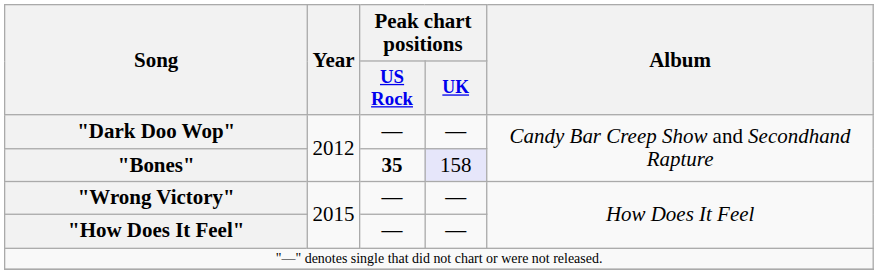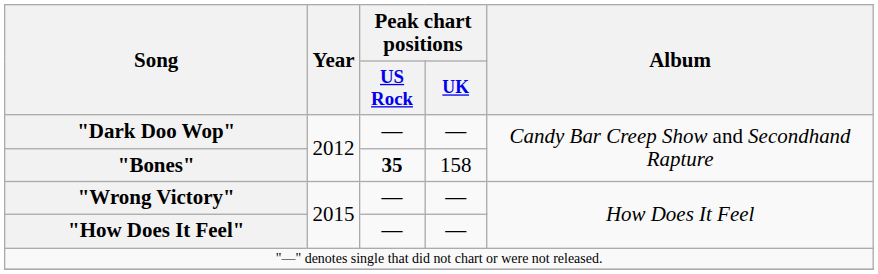 <table class="wikitable plainrowheaders" style="text-align:center;">
 <tr>
 <th scope="col" rowspan="2" style="width:14em;">Song</th>
 <th scope="col" rowspan="2">Year</th>
 <th scope="col" colspan="2">Peak chart positions</th>
 <th scope="col" rowspan="2" style="width:18em;">Album</th>
 </tr>
 <tr>
 <th scope="col" style="width:3em;font-size:90%;"><a href='#'>US Rock</a><br></th>
 <th scope="col" style="width:3em;font-size:85%;"><a href='#'>UK</a><br></th>
 </tr>
 <tr>
 <th scope="row">"Dark Doo Wop"</th>
 <td rowspan="2">2012</td>
 <td>—</td>
 <td>—</td>
 <td rowspan="2"><em>Candy Bar Creep Show</em> and <em>Secondhand Rapture</em></td>
 </tr>
 <tr>
 <th scope="row">"Bones"</th>
 <td><strong>35</strong></td>
-<td style="background: lavender;">158</td>
+<td>158</td>
 </tr>
 <tr>
 <th scope="row">"Wrong Victory"</th>
 <td rowspan="2">2015</td>
 <td>—</td>
 <td>—</td>
 <td rowspan="2"><em>How Does It Feel</em></td>
 </tr>
 <tr>
 <th scope="row">"How Does It Feel"</th>
 <td>—</td>
 <td>—</td>
 </tr>
 <tr>
 <td colspan="17" style="text-align:center; font-size:8pt;">"—" denotes single that did not chart or were not released.</td>
 </tr>
 <tr>
 </tr>
 </table>
